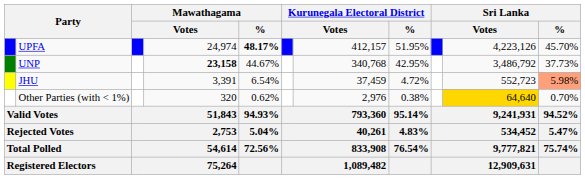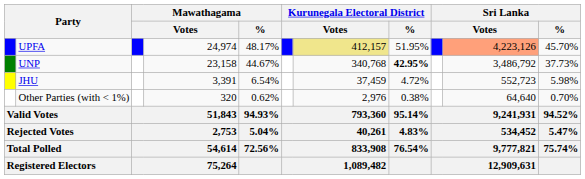 <table class="wikitable">
 <tr>
 <th colspan="2" width="144px"rowspan="2">Party</th>
 <th colspan="3" width="216px">Mawathagama</th>
 <th colspan="3" width="216px"><a href='#'>Kurunegala Electoral District</a></th>
 <th colspan="3" width="216px">Sri Lanka</th>
 </tr>
 <tr>
 <th colspan="2" width="144px">Votes</th>
 <th>%</th>
 <th colspan="2" width="144px">Votes</th>
 <th>%</th>
 <th colspan="2" width="144px">Votes</th>
 <th>%</th>
 </tr>
 <tr>
 <td style="background-color:blue;" width="10px"></td>
 <td style="text-align:left;"><a href='#'>UPFA</a></td>
 <td style="background-color:blue;" width="10px"></td>
 <td style="text-align:right;">24,974</td>
-<td style="text-align:right;"><strong>48.17%</strong></td>
+<td style="text-align:right;">48.17%</td>
 <td style="background-color:blue;" width="10px"></td>
-<td style="text-align:right;">412,157</td>
+<td style="background: khaki; text-align:right;">412,157</td>
 <td style="text-align:right;">51.95%</td>
 <td style="background-color:blue;" width="10px"></td>
-<td style="text-align:right;">4,223,126</td>
+<td style="background: lightsalmon; text-align:right;">4,223,126</td>
 <td style="text-align:right;">45.70%</td>
 </tr>
 <tr>
 <td style="background-color:green;" width="10px"></td>
 <td style="text-align:left;"><a href='#'>UNP</a></td>
 <td style="background-color:white;" width="10px"></td>
-<td style="text-align:right;"><strong>23,158</strong></td>
+<td style="text-align:right;">23,158</td>
 <td style="text-align:right;">44.67%</td>
 <td style="background-color:white;" width="10px"></td>
 <td style="text-align:right;">340,768</td>
-<td style="text-align:right;">42.95%</td>
+<td style="text-align:right;"><strong>42.95%</strong></td>
 <td style="background-color:white;" width="10px"></td>
 <td style="text-align:right;">3,486,792</td>
 <td style="text-align:right;">37.73%</td>
 </tr>
 <tr>
 <td style="background-color:yellow;" width="10px"></td>
 <td style="text-align:left;"><a href='#'>JHU</a></td>
 <td style="background-color:white;" width="10px"></td>
 <td style="text-align:right;">3,391</td>
 <td style="text-align:right;">6.54%</td>
 <td style="background-color:white;" width="10px"></td>
 <td style="text-align:right;">37,459</td>
 <td style="text-align:right;">4.72%</td>
 <td style="background-color:white;" width="10px"></td>
 <td style="text-align:right;">552,723</td>
-<td style="background: lightsalmon; text-align:right;">5.98%</td>
+<td style="text-align:right;">5.98%</td>
 </tr>
 <tr>
 <td style="background-color:white;" width="10px"></td>
 <td style="text-align:left;">Other Parties (with < 1%)</td>
 <td style="background-color:white;" width="10px"></td>
 <td style="text-align:right;">320</td>
 <td style="text-align:right;">0.62%</td>
 <td style="background-color:white;" width="10px"></td>
 <td style="text-align:right;">2,976</td>
 <td style="text-align:right;">0.38%</td>
 <td style="background-color:white;" width="10px"></td>
-<td style="background: gold; text-align:right;">64,640</td>
+<td style="text-align:right;">64,640</td>
 <td style="text-align:right;">0.70%</td>
 </tr>
 <tr>
 <th colspan="2" width="144px"style="text-align:left;">Valid Votes</th>
 <th style="text-align:right;"colspan="2" width="144px">51,843</th>
 <th style="text-align:right;">94.93%</th>
 <th style="text-align:right;"colspan="2" width="144px">793,360</th>
 <th style="text-align:right;">95.14%</th>
 <th style="text-align:right;"colspan="2" width="144px">9,241,931</th>
 <th style="text-align:right;">94.52%</th>
 </tr>
 <tr>
 <th colspan="2" width="144px"style="text-align:left;">Rejected Votes</th>
 <th style="text-align:right;"colspan="2" width="144px">2,753</th>
 <th style="text-align:right;">5.04%</th>
 <th style="text-align:right;"colspan="2" width="144px">40,261</th>
 <th style="text-align:right;">4.83%</th>
 <th style="text-align:right;"colspan="2" width="144px">534,452</th>
 <th style="text-align:right;">5.47%</th>
 </tr>
 <tr>
 <th colspan="2" width="144px"style="text-align:left;">Total Polled</th>
 <th style="text-align:right;"colspan="2" width="144px">54,614</th>
 <th style="text-align:right;">72.56%</th>
 <th style="text-align:right;"colspan="2" width="144px">833,908</th>
 <th style="text-align:right;">76.54%</th>
 <th style="text-align:right;"colspan="2" width="144px">9,777,821</th>
 <th style="text-align:right;">75.74%</th>
 </tr>
 <tr>
 <th colspan="2" width="144px"style="text-align:left;">Registered Electors</th>
 <th style="text-align:right;"colspan="2" width="144px">75,264</th>
 <th></th>
 <th style="text-align:right;"colspan="2" width="144px">1,089,482</th>
 <th></th>
 <th style="text-align:right;"colspan="2" width="144px">12,909,631</th>
 <th></th>
 </tr>
 </table>
